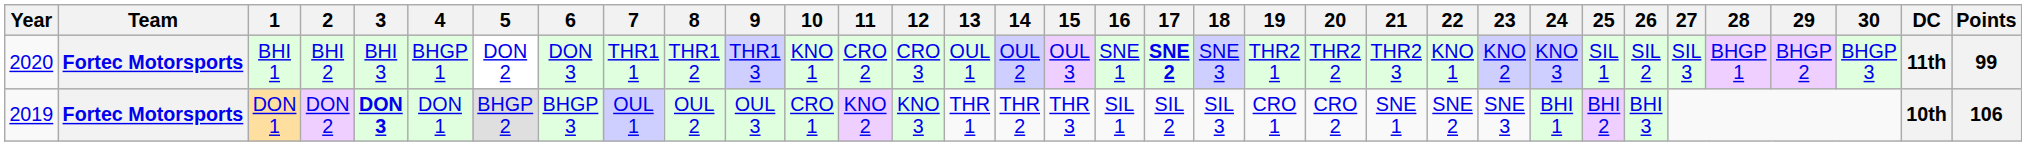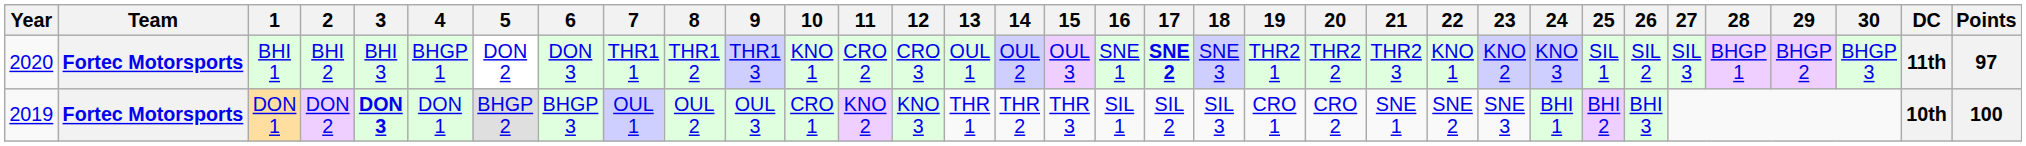 <table class="wikitable" style="text-align:center; font-size:85%">
 <tr>
 <th>Year</th>
 <th>Team</th>
 <th>1</th>
 <th>2</th>
 <th>3</th>
 <th>4</th>
 <th>5</th>
 <th>6</th>
 <th>7</th>
 <th>8</th>
 <th>9</th>
 <th>10</th>
 <th>11</th>
 <th>12</th>
 <th>13</th>
 <th>14</th>
 <th>15</th>
 <th>16</th>
 <th>17</th>
 <th>18</th>
 <th>19</th>
 <th>20</th>
 <th>21</th>
 <th>22</th>
 <th>23</th>
 <th>24</th>
 <th>25</th>
 <th>26</th>
 <th>27</th>
 <th>28</th>
 <th>29</th>
 <th>30</th>
 <th>DC</th>
 <th>Points</th>
 </tr>
 <tr>
 <td><a href='#'>2020</a></td>
 <th nowrap><a href='#'>Fortec Motorsports</a></th>
 <td style="background:#DFFFDF;"><a href='#'>BHI<br>1</a><br></td>
 <td style="background:#DFFFDF;"><a href='#'>BHI<br>2</a><br></td>
 <td style="background:#DFFFDF;"><a href='#'>BHI<br>3</a><br></td>
 <td style="background:#DFFFDF;"><a href='#'>BHGP<br>1</a><br></td>
 <td style="background:#FFFFFF;"><a href='#'>DON<br>2</a><br></td>
 <td style="background:#DFFFDF;"><a href='#'>DON<br>3</a><br></td>
 <td style="background:#DFFFDF;"><a href='#'>THR1<br>1</a><br></td>
 <td style="background:#DFFFDF;"><a href='#'>THR1<br>2</a><br></td>
 <td style="background:#CFCFFF;"><a href='#'>THR1<br>3</a><br></td>
 <td style="background:#DFFFDF;"><a href='#'>KNO<br>1</a><br></td>
 <td style="background:#DFFFDF;"><a href='#'>CRO<br>2</a><br></td>
 <td style="background:#DFFFDF;"><a href='#'>CRO<br>3</a><br></td>
 <td style="background:#DFFFDF;"><a href='#'>OUL<br>1</a><br></td>
 <td style="background:#CFCFFF;"><a href='#'>OUL<br>2</a><br></td>
 <td style="background:#EFCFFF;"><a href='#'>OUL<br>3</a><br></td>
 <td style="background:#DFFFDF;"><a href='#'>SNE<br>1</a><br></td>
 <td style="background:#DFFFDF;"><strong><a href='#'>SNE<br>2</a><br></strong></td>
 <td style="background:#CFCFFF;"><a href='#'>SNE<br>3</a><br></td>
 <td style="background:#DFFFDF;"><a href='#'>THR2<br>1</a><br></td>
 <td style="background:#DFFFDF;"><a href='#'>THR2<br>2</a><br></td>
 <td style="background:#DFFFDF;"><a href='#'>THR2<br>3</a><br></td>
 <td style="background:#DFFFDF;"><a href='#'>KNO<br>1</a><br></td>
 <td style="background:#CFCFFF;"><a href='#'>KNO<br>2</a><br></td>
 <td style="background:#CFCFFF;"><a href='#'>KNO<br>3</a><br></td>
 <td style="background:#DFFFDF;"><a href='#'>SIL<br>1</a><br></td>
 <td style="background:#DFFFDF;"><a href='#'>SIL<br>2</a><br></td>
 <td style="background:#DFFFDF;"><a href='#'>SIL<br>3</a><br></td>
 <td style="background:#EFCFFF;"><a href='#'>BHGP<br>1</a><br></td>
 <td style="background:#EFCFFF;"><a href='#'>BHGP<br>2</a><br></td>
 <td style="background:#DFFFDF;"><a href='#'>BHGP<br>3</a><br></td>
 <th>11th</th>
-<th>99</th>
+<th>97</th>
 </tr>
 <tr>
 <td><a href='#'>2019</a></td>
 <th nowrap><a href='#'>Fortec Motorsports</a></th>
 <td style="background:#FFDF9F;"><a href='#'>DON<br>1</a><br></td>
 <td style="background:#EFCFFF;"><a href='#'>DON<br>2</a><br></td>
 <td style="background:#DFFFDF;"><strong><a href='#'>DON<br>3</a></strong><br></td>
 <td style="background:#DFFFDF;"><a href='#'>DON<br>1</a><br></td>
 <td style="background:#DFDFDF;"><a href='#'>BHGP<br>2</a><br></td>
 <td style="background:#DFFFDF;"><a href='#'>BHGP<br>3</a><br></td>
 <td style="background:#CFCFFF;"><a href='#'>OUL<br>1</a><br></td>
 <td style="background:#DFFFDF;"><a href='#'>OUL<br>2</a><br></td>
 <td style="background:#DFFFDF;"><a href='#'>OUL<br>3</a><br></td>
 <td style="background:#DFFFDF;"><a href='#'>CRO<br>1</a><br></td>
 <td style="background:#EFCFFF;"><a href='#'>KNO<br>2</a><br></td>
 <td style="background:#DFFFDF;"><a href='#'>KNO<br>3</a><br></td>
 <td style="background:#;"><a href='#'>THR<br>1</a></td>
 <td style="background:#;"><a href='#'>THR<br>2</a></td>
 <td style="background:#;"><a href='#'>THR<br>3</a></td>
 <td style="background:#;"><a href='#'>SIL<br>1</a></td>
 <td style="background:#;"><a href='#'>SIL<br>2</a></td>
 <td style="background:#;"><a href='#'>SIL<br>3</a></td>
 <td style="background:#;"><a href='#'>CRO<br>1</a></td>
 <td style="background:#;"><a href='#'>CRO<br>2</a></td>
 <td style="background:#;"><a href='#'>SNE<br>1</a></td>
 <td style="background:#;"><a href='#'>SNE<br>2</a></td>
 <td style="background:#;"><a href='#'>SNE<br>3</a></td>
 <td style="background:#DFFFDF;"><a href='#'>BHI<br>1</a><br></td>
 <td style="background:#EFCFFF;"><a href='#'>BHI<br>2</a><br></td>
 <td style="background:#DFFFDF;"><a href='#'>BHI<br>3</a><br></td>
 <td colspan=4></td>
 <th>10th</th>
-<th>106</th>
+<th>100</th>
 </tr>
 </table>
